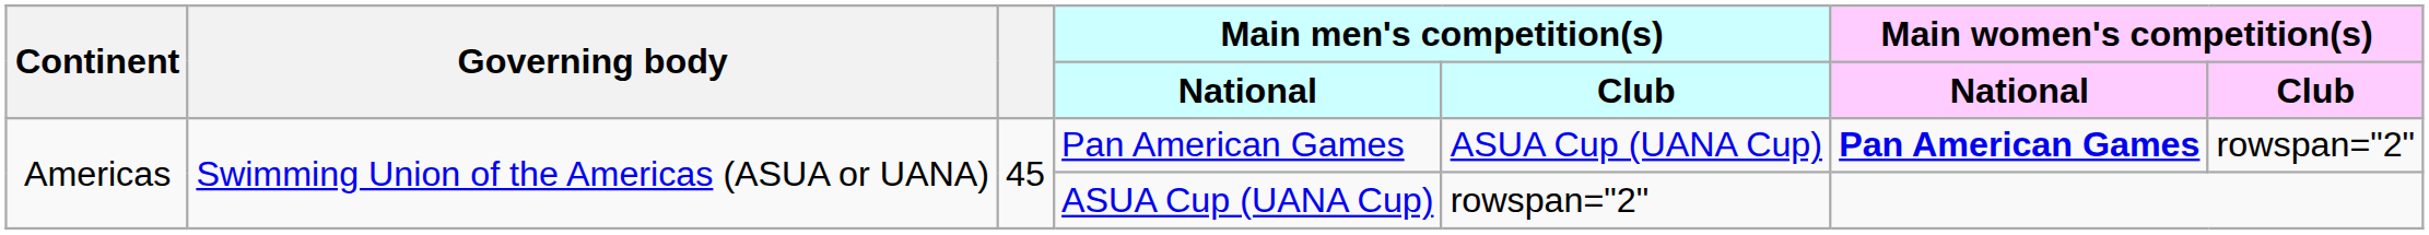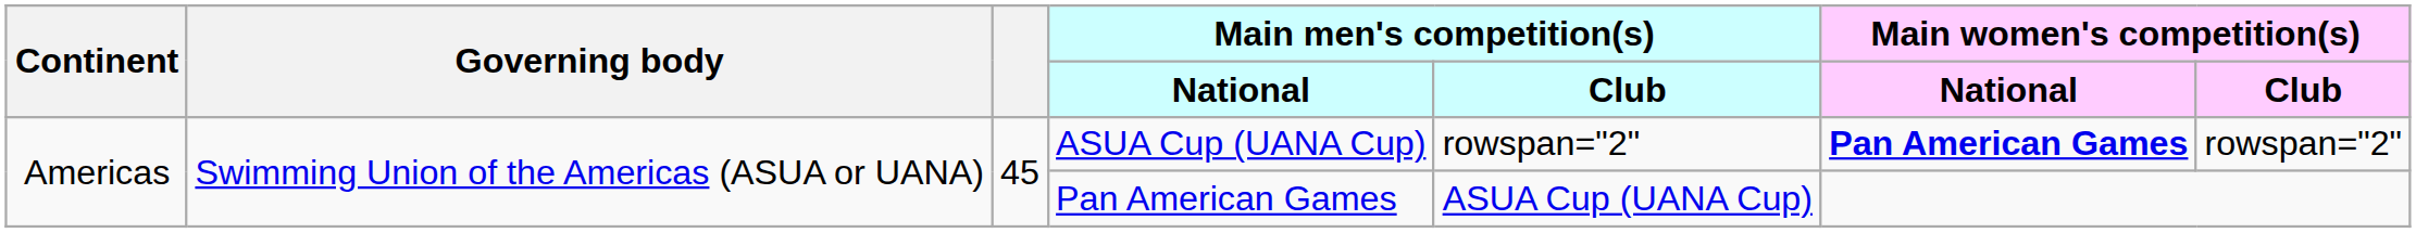 <table class="wikitable" style="text-align: left; font-size: 90%; margin-left: 1em;">
 <tr>
 <th rowspan="2">Continent</th>
 <th rowspan="2">Governing body</th>
 <th rowspan="2"></th>
 <th colspan="2" style="background-color: #ccffff;">Main men's competition(s)</th>
 <th colspan="2" style="background-color: #ffccff;">Main women's competition(s)</th>
 </tr>
 <tr>
 <th style="background-color: #ccffff;">National</th>
 <th style="background-color: #ccffff;">Club</th>
 <th style="background-color: #ffccff;">National</th>
 <th style="background-color: #ffccff;">Club</th>
 </tr>
 <tr>
 <td rowspan="2" style="text-align: center;">Americas</td>
 <td rowspan="2"><a href='#'>Swimming Union of the Americas</a> (ASUA or UANA)</td>
 <td rowspan="2" style="text-align: center;">45</td>
-<td><a href='#'>Pan American Games</a></td>
 <td><a href='#'>ASUA Cup (UANA Cup)</a></td>
+<td>rowspan="2" </td>
 <td><strong><a href='#'>Pan American Games</a></strong></td>
 <td>rowspan="2" </td>
 </tr>
 <tr>
+<td><a href='#'>Pan American Games</a></td>
 <td><a href='#'>ASUA Cup (UANA Cup)</a></td>
-<td>rowspan="2" </td>
 </tr>
 </table>
